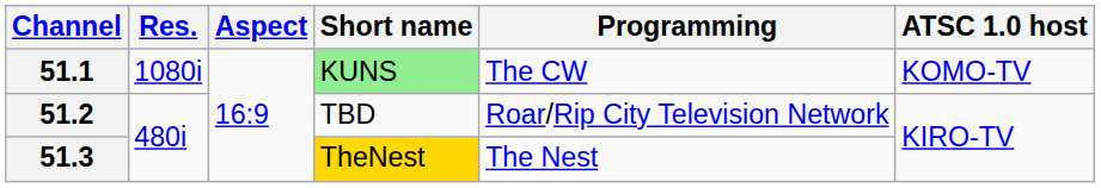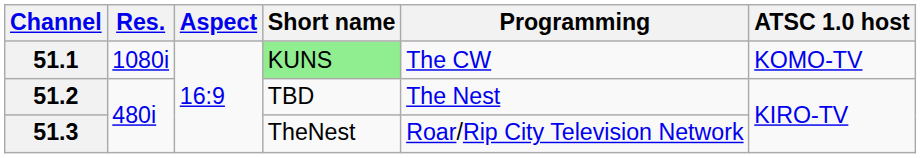 <table class="wikitable">
 <tr>
 <th scope = "col"><a href='#'>Channel</a></th>
 <th scope = "col"><a href='#'>Res.</a></th>
 <th scope = "col"><a href='#'>Aspect</a></th>
 <th scope = "col">Short name</th>
 <th scope = "col">Programming</th>
 <th scope = "col">ATSC 1.0 host</th>
 </tr>
 <tr>
 <th scope = "row">51.1</th>
 <td><a href='#'>1080i</a></td>
 <td rowspan="3"><a href='#'>16:9</a></td>
 <td style="background: lightgreen;">KUNS</td>
 <td><a href='#'>The CW</a></td>
 <td><a href='#'>KOMO-TV</a></td>
 </tr>
 <tr>
 <th scope = "row">51.2</th>
 <td rowspan="2"><a href='#'>480i</a></td>
 <td>TBD</td>
-<td><a href='#'>Roar</a>/<a href='#'>Rip City Television Network</a></td>
+<td><a href='#'>The Nest</a></td>
 <td rowspan="2"><a href='#'>KIRO-TV</a></td>
 </tr>
 <tr>
 <th scope = "row">51.3</th>
-<td style="background: gold;">TheNest</td>
-<td><a href='#'>The Nest</a></td>
+<td>TheNest</td>
+<td><a href='#'>Roar</a>/<a href='#'>Rip City Television Network</a></td>
 </tr>
 </table>
